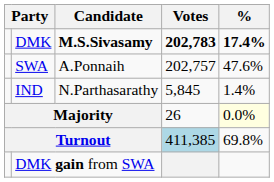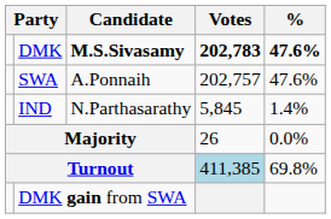 <table class="wikitable">
 <tr>
 <th colspan="2">Party</th>
 <th>Candidate</th>
 <th>Votes</th>
 <th>%</th>
 </tr>
 <tr>
 <td></td>
 <td><a href='#'>DMK</a></td>
 <td><strong>M.S.Sivasamy</strong></td>
 <td><strong>202,783</strong></td>
-<td><strong>17.4%</strong></td>
+<td><strong>47.6%</strong></td>
 </tr>
 <tr>
 <td></td>
 <td><a href='#'>SWA</a></td>
 <td>A.Ponnaih</td>
 <td>202,757</td>
 <td>47.6%</td>
 </tr>
 <tr>
 <td></td>
 <td><a href='#'>IND</a></td>
 <td>N.Parthasarathy</td>
 <td>5,845</td>
 <td>1.4%</td>
 </tr>
 <tr>
 <th colspan="3">Majority</th>
 <td>26</td>
-<td style="background: lightyellow;">0.0%</td>
+<td>0.0%</td>
 </tr>
 <tr>
 <th colspan="3"><a href='#'>Turnout</a></th>
 <td style="background: lightblue;">411,385</td>
 <td>69.8%</td>
 </tr>
 <tr>
 <td></td>
 <td colspan="2"><a href='#'>DMK</a> <strong>gain</strong> from <a href='#'>SWA</a></td>
 <th></th>
 <td></td>
 </tr>
 </table>
